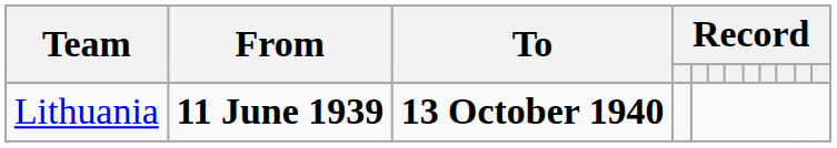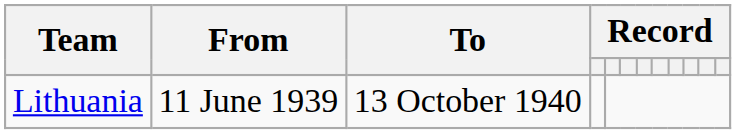 <table class="wikitable" style="text-align: center">
 <tr>
 <th rowspan="2">Team</th>
 <th rowspan="2">From</th>
 <th rowspan="2">To</th>
 <th colspan="9">Record</th>
 </tr>
 <tr>
 <th></th>
 <th></th>
 <th></th>
 <th></th>
 <th></th>
 <th></th>
 <th></th>
 <th></th>
 <th></th>
 </tr>
 <tr>
 <td><a href='#'>Lithuania</a></td>
-<td><strong>11 June 1939</strong></td>
-<td><strong>13 October 1940<br></strong></td>
+<td>11 June 1939</td>
+<td>13 October 1940<br></td>
 <td></td>
 </tr>
 </table>
